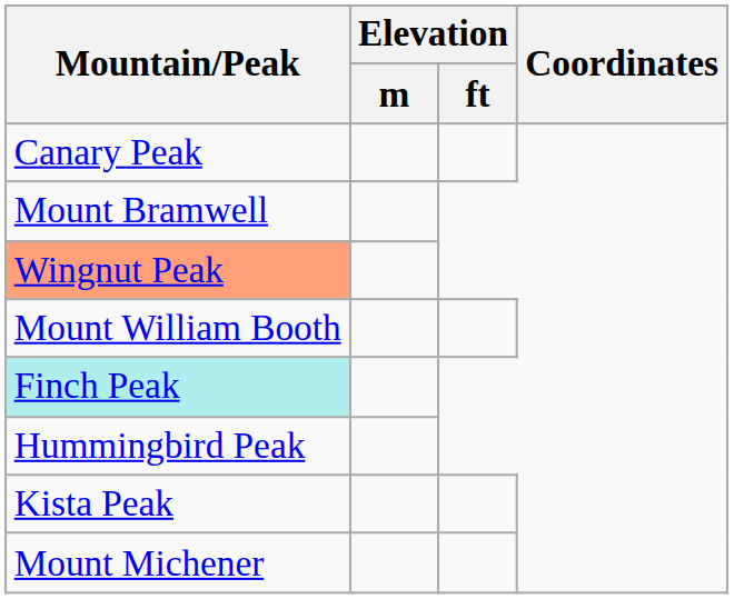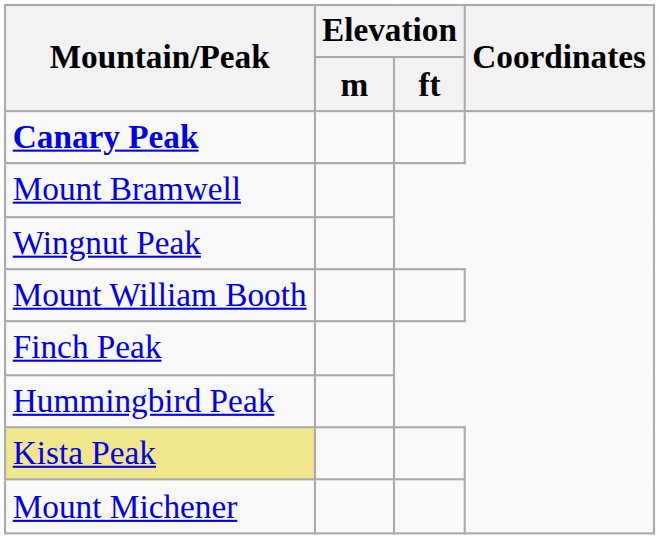 <table class="wikitable">
 <tr>
 <th rowspan=2>Mountain/Peak</th>
 <th colspan=2>Elevation</th>
 <th rowspan=2>Coordinates</th>
 </tr>
 <tr>
 <th>m</th>
 <th>ft</th>
 </tr>
 <tr>
-<td><a href='#'>Canary Peak</a></td>
+<td><strong><a href='#'>Canary Peak</a></strong></td>
 <td></td>
 <td></td>
 </tr>
 <tr>
 <td><a href='#'>Mount Bramwell</a></td>
 <td></td>
 </tr>
 <tr>
-<td style="background: lightsalmon;"><a href='#'>Wingnut Peak</a></td>
+<td><a href='#'>Wingnut Peak</a></td>
 <td></td>
 </tr>
 <tr>
 <td><a href='#'>Mount William Booth</a></td>
 <td></td>
 <td></td>
 </tr>
 <tr>
-<td style="background: paleturquoise;"><a href='#'>Finch Peak</a></td>
+<td><a href='#'>Finch Peak</a></td>
 <td></td>
 </tr>
 <tr>
 <td><a href='#'>Hummingbird Peak</a></td>
 <td></td>
 </tr>
 <tr>
-<td><a href='#'>Kista Peak</a></td>
+<td style="background: khaki;"><a href='#'>Kista Peak</a></td>
 <td></td>
 <td></td>
 </tr>
 <tr>
 <td><a href='#'>Mount Michener</a></td>
 <td></td>
 <td></td>
 </tr>
 </table>
